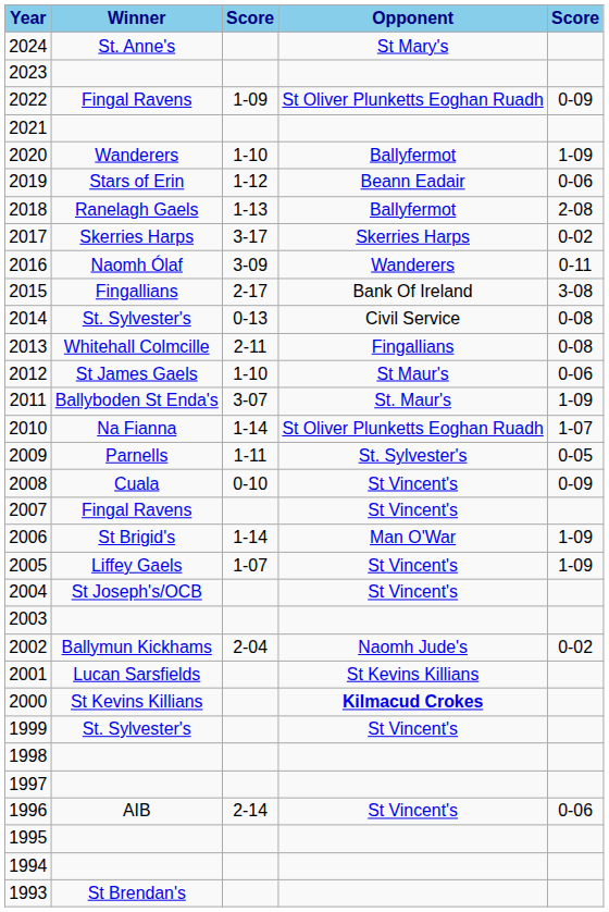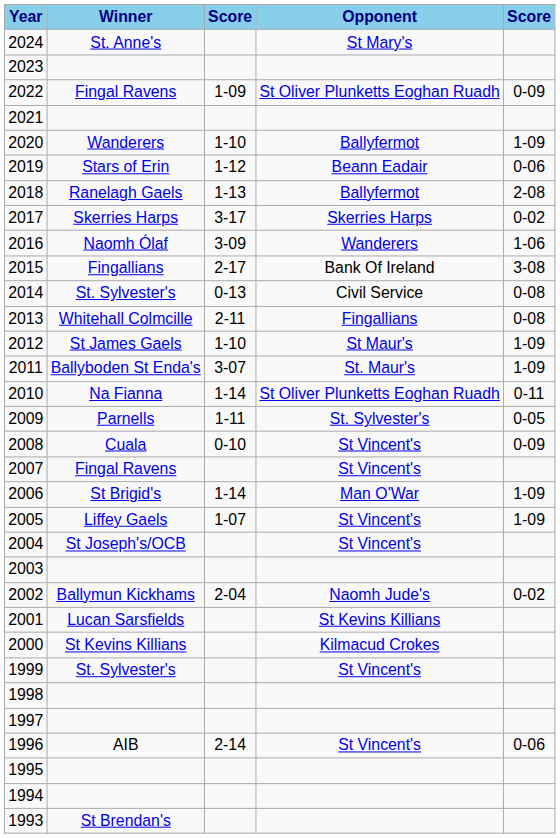 <table class="wikitable" style="text-align:center;">
 <tr>
 <th style="background:skyblue;color:navy;">Year</th>
 <th style="background:skyblue;color:navy;">Winner</th>
 <th style="background:skyblue;color:navy;">Score</th>
 <th style="background:skyblue;color:navy;">Opponent</th>
 <th style="background:skyblue;color:navy;">Score</th>
 </tr>
 <tr>
 <td>2024</td>
 <td><a href='#'>St. Anne's</a></td>
 <td></td>
 <td><a href='#'>St Mary's</a></td>
 <td></td>
 </tr>
 <tr>
 <td>2023</td>
 <td></td>
 <td></td>
 <td></td>
 <td></td>
 </tr>
 <tr>
 <td>2022</td>
 <td><a href='#'>Fingal Ravens</a></td>
 <td>1-09</td>
 <td><a href='#'>St Oliver Plunketts Eoghan Ruadh</a></td>
 <td>0-09</td>
 </tr>
 <tr>
 <td>2021</td>
 <td></td>
 <td></td>
 <td></td>
 <td></td>
 </tr>
 <tr>
 <td>2020</td>
 <td><a href='#'>Wanderers</a></td>
 <td>1-10</td>
 <td><a href='#'>Ballyfermot</a></td>
 <td>1-09</td>
 </tr>
 <tr>
 <td>2019</td>
 <td><a href='#'>Stars of Erin</a></td>
 <td>1-12</td>
 <td><a href='#'>Beann Eadair</a></td>
 <td>0-06</td>
 </tr>
 <tr>
 <td>2018</td>
 <td><a href='#'>Ranelagh Gaels</a></td>
 <td>1-13</td>
 <td><a href='#'>Ballyfermot</a></td>
 <td>2-08</td>
 </tr>
 <tr>
 <td>2017</td>
 <td><a href='#'>Skerries Harps</a></td>
 <td>3-17</td>
 <td><a href='#'>Skerries Harps</a></td>
 <td>0-02</td>
 </tr>
 <tr>
 <td>2016</td>
 <td><a href='#'>Naomh Ólaf</a></td>
 <td>3-09</td>
 <td><a href='#'>Wanderers</a></td>
-<td>0-11</td>
+<td>1-06</td>
 </tr>
 <tr>
 <td>2015</td>
 <td><a href='#'>Fingallians</a></td>
 <td>2-17</td>
 <td>Bank Of Ireland</td>
 <td>3-08</td>
 </tr>
 <tr>
 <td>2014</td>
 <td><a href='#'>St. Sylvester's</a></td>
 <td>0-13</td>
 <td>Civil Service</td>
 <td>0-08</td>
 </tr>
 <tr>
 <td>2013</td>
 <td><a href='#'>Whitehall Colmcille</a></td>
 <td>2-11</td>
 <td><a href='#'>Fingallians</a></td>
 <td>0-08</td>
 </tr>
 <tr>
 <td>2012</td>
 <td><a href='#'>St James Gaels</a></td>
 <td>1-10</td>
 <td><a href='#'>St Maur's</a></td>
-<td>0-06</td>
+<td>1-09</td>
 </tr>
 <tr>
 <td>2011</td>
 <td><a href='#'>Ballyboden St Enda's</a></td>
 <td>3-07</td>
 <td><a href='#'>St. Maur's</a></td>
 <td>1-09</td>
 </tr>
 <tr>
 <td>2010</td>
 <td><a href='#'>Na Fianna</a></td>
 <td>1-14</td>
 <td><a href='#'>St Oliver Plunketts Eoghan Ruadh</a></td>
-<td>1-07</td>
+<td>0-11</td>
 </tr>
 <tr>
 <td>2009</td>
 <td><a href='#'>Parnells</a></td>
 <td>1-11</td>
 <td><a href='#'>St. Sylvester's</a></td>
 <td>0-05</td>
 </tr>
 <tr>
 <td>2008</td>
 <td><a href='#'>Cuala</a></td>
 <td>0-10</td>
 <td><a href='#'>St Vincent's</a></td>
 <td>0-09</td>
 </tr>
 <tr>
 <td>2007</td>
 <td><a href='#'>Fingal Ravens</a></td>
 <td></td>
 <td><a href='#'>St Vincent's</a></td>
 <td></td>
 </tr>
 <tr>
 <td>2006</td>
 <td><a href='#'>St Brigid's</a></td>
 <td>1-14</td>
 <td><a href='#'>Man O'War</a></td>
 <td>1-09</td>
 </tr>
 <tr>
 <td>2005</td>
 <td><a href='#'>Liffey Gaels</a></td>
 <td>1-07</td>
 <td><a href='#'>St Vincent's</a></td>
 <td>1-09</td>
 </tr>
 <tr>
 <td>2004</td>
 <td><a href='#'>St Joseph's/OCB</a></td>
 <td></td>
 <td><a href='#'>St Vincent's</a></td>
 <td></td>
 </tr>
 <tr>
 <td>2003</td>
 <td></td>
 <td></td>
 <td></td>
 <td></td>
 </tr>
 <tr>
 <td>2002</td>
 <td><a href='#'>Ballymun Kickhams</a></td>
 <td>2-04</td>
 <td><a href='#'>Naomh Jude's</a></td>
 <td>0-02</td>
 </tr>
 <tr>
 <td>2001</td>
 <td><a href='#'>Lucan Sarsfields</a></td>
 <td></td>
 <td><a href='#'>St Kevins Killians</a></td>
 </tr>
 <tr>
 <td>2000</td>
 <td><a href='#'>St Kevins Killians</a></td>
 <td></td>
-<td><strong><a href='#'>Kilmacud Crokes</a></strong></td>
+<td><a href='#'>Kilmacud Crokes</a></td>
 <td></td>
 </tr>
 <tr>
 <td>1999</td>
 <td><a href='#'>St. Sylvester's</a></td>
 <td></td>
 <td><a href='#'>St Vincent's</a></td>
 <td></td>
 </tr>
 <tr>
 <td>1998</td>
 <td></td>
 <td></td>
 <td></td>
 <td></td>
 </tr>
 <tr>
 <td>1997</td>
 <td></td>
 <td></td>
 <td></td>
 <td></td>
 </tr>
 <tr>
 <td>1996</td>
 <td>AIB</td>
 <td>2-14</td>
 <td><a href='#'>St Vincent's</a></td>
 <td>0-06</td>
 </tr>
 <tr>
 <td>1995</td>
 <td></td>
 <td></td>
 <td></td>
 <td></td>
 </tr>
 <tr>
 <td>1994</td>
 <td></td>
 <td></td>
 <td></td>
 <td></td>
 </tr>
 <tr>
 <td>1993</td>
 <td><a href='#'>St Brendan's</a></td>
 <td></td>
 <td></td>
 <td></td>
 </tr>
 </table>
